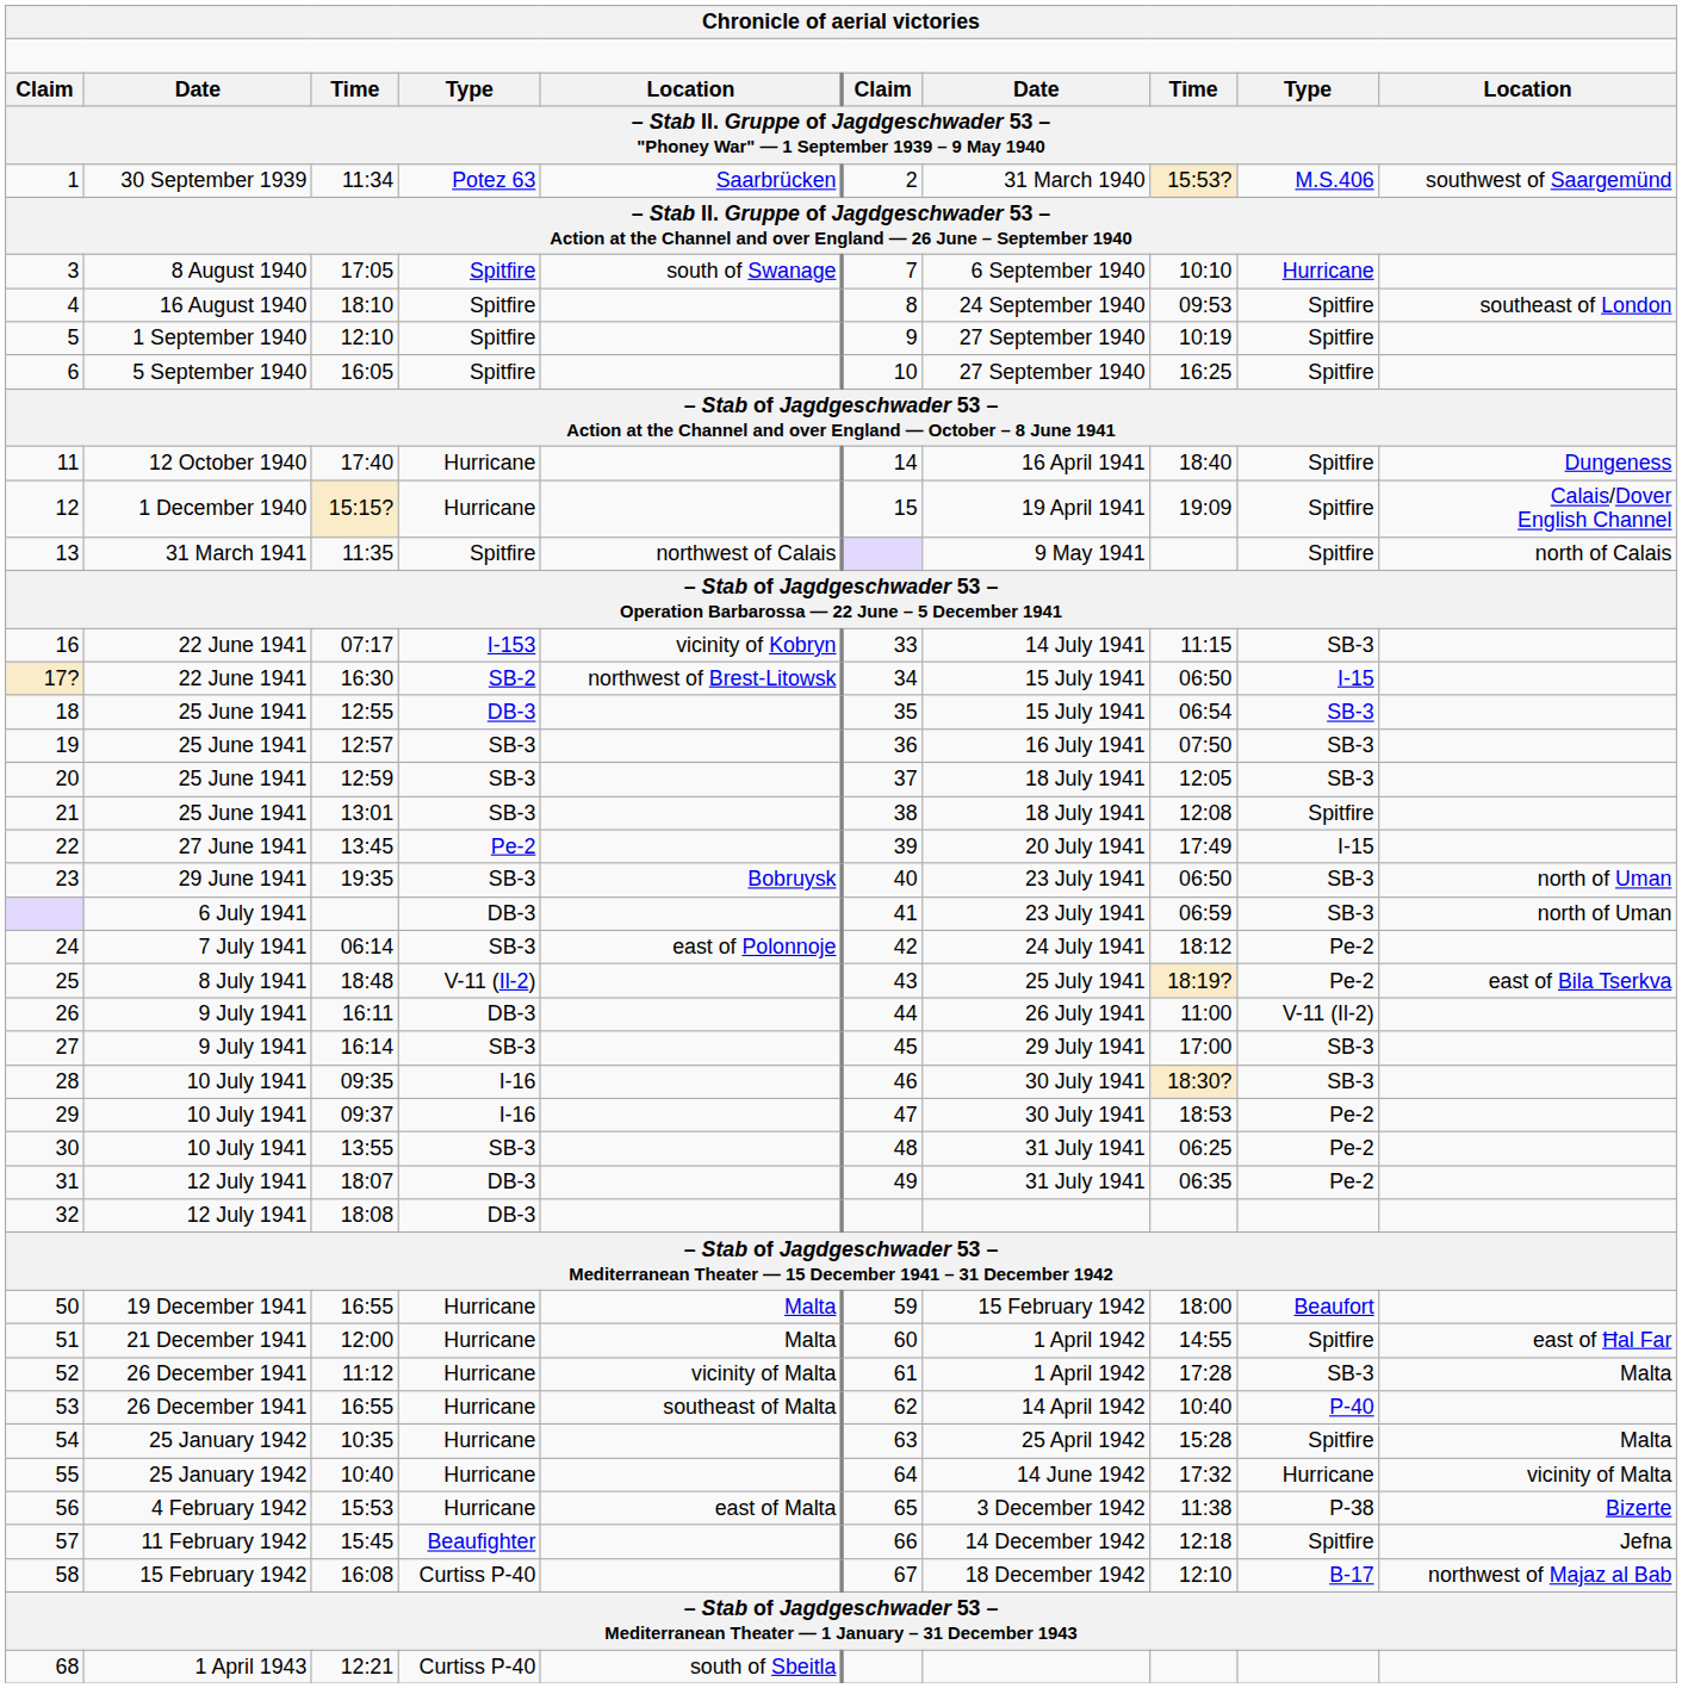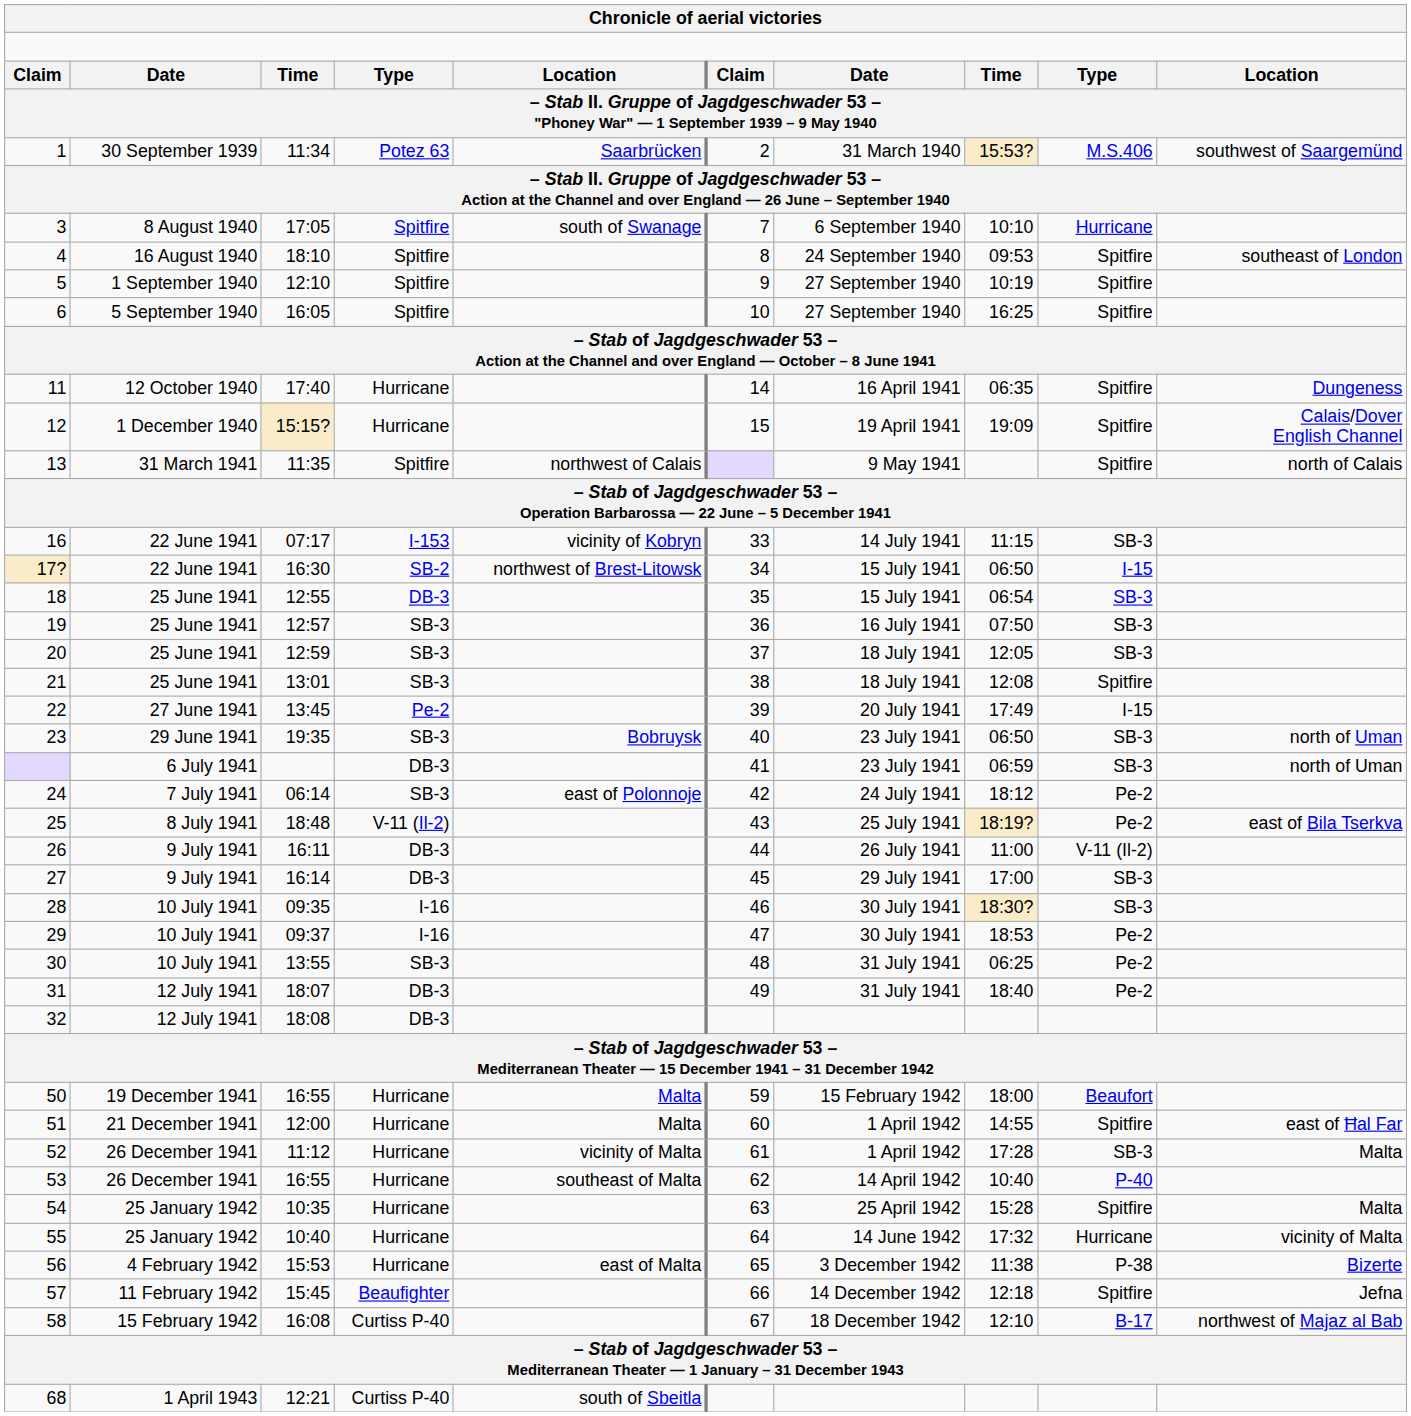 <table class="wikitable plainrowheaders collapsible" style="margin-left: auto; margin-right: auto; border: none; text-align:right; width: 100%;">
 <tr>
 <th colspan="10">Chronicle of aerial victories</th>
 </tr>
 <tr>
 <td colspan="10" style="text-align: left;"><br> </td>
 </tr>
 <tr>
 <th scope="col">Claim</th>
 <th scope="col">Date</th>
 <th scope="col">Time</th>
 <th scope="col" width="100px">Type</th>
 <th scope="col">Location</th>
 <th scope="col" style="border-left: 3px solid grey;">Claim</th>
 <th scope="col">Date</th>
 <th scope="col">Time</th>
 <th scope="col" width="100px">Type</th>
 <th scope="col">Location</th>
 </tr>
 <tr>
 <th colspan="10">– <em>Stab</em> II. <em>Gruppe</em> of <em>Jagdgeschwader</em> 53 –<br><small>"Phoney War" — 1 September 1939 – 9 May 1940</small></th>
 </tr>
 <tr>
 <td>1</td>
 <td>30 September 1939</td>
 <td>11:34</td>
 <td><a href='#'>Potez 63</a></td>
 <td><a href='#'>Saarbrücken</a></td>
 <td style="border-left: 3px solid grey;">2</td>
 <td>31 March 1940</td>
 <td style="background:#faecc8">15:53?</td>
 <td><a href='#'>M.S.406</a></td>
 <td>southwest of <a href='#'>Saargemünd</a></td>
 </tr>
 <tr>
 <th colspan="10">– <em>Stab</em> II. <em>Gruppe</em> of <em>Jagdgeschwader</em> 53 –<br><small>Action at the Channel and over England — 26 June – September 1940</small></th>
 </tr>
 <tr>
 <td>3</td>
 <td>8 August 1940</td>
 <td>17:05</td>
 <td><a href='#'>Spitfire</a></td>
 <td> south of <a href='#'>Swanage</a></td>
 <td style="border-left: 3px solid grey;">7</td>
 <td>6 September 1940</td>
 <td>10:10</td>
 <td><a href='#'>Hurricane</a></td>
 <td></td>
 </tr>
 <tr>
 <td>4</td>
 <td>16 August 1940</td>
 <td>18:10</td>
 <td>Spitfire</td>
 <td></td>
 <td style="border-left: 3px solid grey;">8</td>
 <td>24 September 1940</td>
 <td>09:53</td>
 <td>Spitfire</td>
 <td>southeast of <a href='#'>London</a></td>
 </tr>
 <tr>
 <td>5</td>
 <td>1 September 1940</td>
 <td>12:10</td>
 <td>Spitfire</td>
 <td></td>
 <td style="border-left: 3px solid grey;">9</td>
 <td>27 September 1940</td>
 <td>10:19</td>
 <td>Spitfire</td>
 <td></td>
 </tr>
 <tr>
 <td>6</td>
 <td>5 September 1940</td>
 <td>16:05</td>
 <td>Spitfire</td>
 <td></td>
 <td style="border-left: 3px solid grey;">10</td>
 <td>27 September 1940</td>
 <td>16:25</td>
 <td>Spitfire</td>
 <td></td>
 </tr>
 <tr>
 <th colspan="10">– <em>Stab</em> of <em>Jagdgeschwader</em> 53 –<br><small>Action at the Channel and over England — October – 8 June 1941</small></th>
 </tr>
 <tr>
 <td>11</td>
 <td>12 October 1940</td>
 <td>17:40</td>
 <td>Hurricane</td>
 <td></td>
 <td style="border-left: 3px solid grey;">14</td>
 <td>16 April 1941</td>
-<td>18:40</td>
+<td>06:35</td>
 <td>Spitfire</td>
 <td><a href='#'>Dungeness</a></td>
 </tr>
 <tr>
 <td>12</td>
 <td>1 December 1940</td>
 <td style="background:#faecc8">15:15?</td>
 <td>Hurricane</td>
 <td></td>
 <td style="border-left: 3px solid grey;">15</td>
 <td>19 April 1941</td>
 <td>19:09</td>
 <td>Spitfire</td>
 <td><a href='#'>Calais</a>/<a href='#'>Dover</a><br><a href='#'>English Channel</a></td>
 </tr>
 <tr>
 <td>13</td>
 <td>31 March 1941</td>
 <td>11:35</td>
 <td>Spitfire</td>
 <td>northwest of Calais</td>
 <td style="border-left: 3px solid grey; background:#e3d9ff;"></td>
 <td>9 May 1941</td>
 <td></td>
 <td>Spitfire</td>
 <td>north of Calais</td>
 </tr>
 <tr>
 <th colspan="10">– <em>Stab</em> of <em>Jagdgeschwader</em> 53 –<br><small>Operation Barbarossa — 22 June – 5 December 1941</small></th>
 </tr>
 <tr>
 <td>16</td>
 <td>22 June 1941</td>
 <td>07:17</td>
 <td><a href='#'>I-153</a></td>
 <td>vicinity of <a href='#'>Kobryn</a></td>
 <td style="border-left: 3px solid grey;">33</td>
 <td>14 July 1941</td>
 <td>11:15</td>
 <td>SB-3</td>
 <td></td>
 </tr>
 <tr>
 <td style="background:#faecc8">17?</td>
 <td>22 June 1941</td>
 <td>16:30</td>
 <td><a href='#'>SB-2</a></td>
 <td>northwest of <a href='#'>Brest-Litowsk</a></td>
 <td style="border-left: 3px solid grey;">34</td>
 <td>15 July 1941</td>
 <td>06:50</td>
 <td><a href='#'>I-15</a></td>
 <td></td>
 </tr>
 <tr>
 <td>18</td>
 <td>25 June 1941</td>
 <td>12:55</td>
 <td><a href='#'>DB-3</a></td>
 <td></td>
 <td style="border-left: 3px solid grey;">35</td>
 <td>15 July 1941</td>
 <td>06:54</td>
 <td><a href='#'>SB-3</a></td>
 <td></td>
 </tr>
 <tr>
 <td>19</td>
 <td>25 June 1941</td>
 <td>12:57</td>
 <td>SB-3</td>
 <td></td>
 <td style="border-left: 3px solid grey;">36</td>
 <td>16 July 1941</td>
 <td>07:50</td>
 <td>SB-3</td>
 <td></td>
 </tr>
 <tr>
 <td>20</td>
 <td>25 June 1941</td>
 <td>12:59</td>
 <td>SB-3</td>
 <td></td>
 <td style="border-left: 3px solid grey;">37</td>
 <td>18 July 1941</td>
 <td>12:05</td>
 <td>SB-3</td>
 <td></td>
 </tr>
 <tr>
 <td>21</td>
 <td>25 June 1941</td>
 <td>13:01</td>
 <td>SB-3</td>
 <td></td>
 <td style="border-left: 3px solid grey;">38</td>
 <td>18 July 1941</td>
 <td>12:08</td>
 <td>Spitfire</td>
 <td></td>
 </tr>
 <tr>
 <td>22</td>
 <td>27 June 1941</td>
 <td>13:45</td>
 <td><a href='#'>Pe-2</a></td>
 <td></td>
 <td style="border-left: 3px solid grey;">39</td>
 <td>20 July 1941</td>
 <td>17:49</td>
 <td>I-15</td>
 <td></td>
 </tr>
 <tr>
 <td>23</td>
 <td>29 June 1941</td>
 <td>19:35</td>
 <td>SB-3</td>
 <td><a href='#'>Bobruysk</a></td>
 <td style="border-left: 3px solid grey;">40</td>
 <td>23 July 1941</td>
 <td>06:50</td>
 <td>SB-3</td>
 <td>north of <a href='#'>Uman</a></td>
 </tr>
 <tr>
 <td style="background:#e3d9ff;"></td>
 <td>6 July 1941</td>
 <td></td>
 <td>DB-3</td>
 <td></td>
 <td style="border-left: 3px solid grey;">41</td>
 <td>23 July 1941</td>
 <td>06:59</td>
 <td>SB-3</td>
 <td>north of Uman</td>
 </tr>
 <tr>
 <td>24</td>
 <td>7 July 1941</td>
 <td>06:14</td>
 <td>SB-3</td>
 <td>east of <a href='#'>Polonnoje</a></td>
 <td style="border-left: 3px solid grey;">42</td>
 <td>24 July 1941</td>
 <td>18:12</td>
 <td>Pe-2</td>
 <td></td>
 </tr>
 <tr>
 <td>25</td>
 <td>8 July 1941</td>
 <td>18:48</td>
 <td>V-11 (<a href='#'>Il-2</a>)</td>
 <td></td>
 <td style="border-left: 3px solid grey;">43</td>
 <td>25 July 1941</td>
 <td style="background:#faecc8">18:19?</td>
 <td>Pe-2</td>
 <td>east of <a href='#'>Bila Tserkva</a></td>
 </tr>
 <tr>
 <td>26</td>
 <td>9 July 1941</td>
 <td>16:11</td>
 <td>DB-3</td>
 <td></td>
 <td style="border-left: 3px solid grey;">44</td>
 <td>26 July 1941</td>
 <td>11:00</td>
 <td>V-11 (Il-2)</td>
 <td></td>
 </tr>
 <tr>
 <td>27</td>
 <td>9 July 1941</td>
 <td>16:14</td>
-<td>SB-3</td>
+<td>DB-3</td>
 <td></td>
 <td style="border-left: 3px solid grey;">45</td>
 <td>29 July 1941</td>
 <td>17:00</td>
 <td>SB-3</td>
 <td></td>
 </tr>
 <tr>
 <td>28</td>
 <td>10 July 1941</td>
 <td>09:35</td>
 <td>I-16</td>
 <td></td>
 <td style="border-left: 3px solid grey;">46</td>
 <td>30 July 1941</td>
 <td style="background:#faecc8">18:30?</td>
 <td>SB-3</td>
 <td></td>
 </tr>
 <tr>
 <td>29</td>
 <td>10 July 1941</td>
 <td>09:37</td>
 <td>I-16</td>
 <td></td>
 <td style="border-left: 3px solid grey;">47</td>
 <td>30 July 1941</td>
 <td>18:53</td>
 <td>Pe-2</td>
 <td></td>
 </tr>
 <tr>
 <td>30</td>
 <td>10 July 1941</td>
 <td>13:55</td>
 <td>SB-3</td>
 <td></td>
 <td style="border-left: 3px solid grey;">48</td>
 <td>31 July 1941</td>
 <td>06:25</td>
 <td>Pe-2</td>
 <td></td>
 </tr>
 <tr>
 <td>31</td>
 <td>12 July 1941</td>
 <td>18:07</td>
 <td>DB-3</td>
 <td></td>
 <td style="border-left: 3px solid grey;">49</td>
 <td>31 July 1941</td>
-<td>06:35</td>
+<td>18:40</td>
 <td>Pe-2</td>
 <td></td>
 </tr>
 <tr>
 <td>32</td>
 <td>12 July 1941</td>
 <td>18:08</td>
 <td>DB-3</td>
 <td></td>
 <td style="border-left: 3px solid grey;"></td>
 <td></td>
 <td></td>
 <td></td>
 <td></td>
 </tr>
 <tr>
 <th colspan="10">– <em>Stab</em> of <em>Jagdgeschwader</em> 53 –<br><small>Mediterranean Theater — 15 December 1941 – 31 December 1942</small></th>
 </tr>
 <tr>
 <td>50</td>
 <td>19 December 1941</td>
 <td>16:55</td>
 <td>Hurricane</td>
 <td><a href='#'>Malta</a></td>
 <td style="border-left: 3px solid grey;">59</td>
 <td>15 February 1942</td>
 <td>18:00</td>
 <td><a href='#'>Beaufort</a></td>
 <td></td>
 </tr>
 <tr>
 <td>51</td>
 <td>21 December 1941</td>
 <td>12:00</td>
 <td>Hurricane</td>
 <td>Malta</td>
 <td style="border-left: 3px solid grey;">60</td>
 <td>1 April 1942</td>
 <td>14:55</td>
 <td>Spitfire</td>
 <td>east of <a href='#'>Ħal Far</a></td>
 </tr>
 <tr>
 <td>52</td>
 <td>26 December 1941</td>
 <td>11:12</td>
 <td>Hurricane</td>
 <td>vicinity of Malta</td>
 <td style="border-left: 3px solid grey;">61</td>
 <td>1 April 1942</td>
 <td>17:28</td>
 <td>SB-3</td>
 <td>Malta</td>
 </tr>
 <tr>
 <td>53</td>
 <td>26 December 1941</td>
 <td>16:55</td>
 <td>Hurricane</td>
 <td>southeast of Malta</td>
 <td style="border-left: 3px solid grey;">62</td>
 <td>14 April 1942</td>
 <td>10:40</td>
 <td><a href='#'>P-40</a></td>
 <td></td>
 </tr>
 <tr>
 <td>54</td>
 <td>25 January 1942</td>
 <td>10:35</td>
 <td>Hurricane</td>
 <td></td>
 <td style="border-left: 3px solid grey;">63</td>
 <td>25 April 1942</td>
 <td>15:28</td>
 <td>Spitfire</td>
 <td>Malta</td>
 </tr>
 <tr>
 <td>55</td>
 <td>25 January 1942</td>
 <td>10:40</td>
 <td>Hurricane</td>
 <td></td>
 <td style="border-left: 3px solid grey;">64</td>
 <td>14 June 1942</td>
 <td>17:32</td>
 <td>Hurricane</td>
 <td>vicinity of Malta</td>
 </tr>
 <tr>
 <td>56</td>
 <td>4 February 1942</td>
 <td>15:53</td>
 <td>Hurricane</td>
 <td>east of Malta</td>
 <td style="border-left: 3px solid grey;">65</td>
 <td>3 December 1942</td>
 <td>11:38</td>
 <td>P-38</td>
 <td><a href='#'>Bizerte</a></td>
 </tr>
 <tr>
 <td>57</td>
 <td>11 February 1942</td>
 <td>15:45</td>
 <td><a href='#'>Beaufighter</a></td>
 <td></td>
 <td style="border-left: 3px solid grey;">66</td>
 <td>14 December 1942</td>
 <td>12:18</td>
 <td>Spitfire</td>
 <td>Jefna</td>
 </tr>
 <tr>
 <td>58</td>
 <td>15 February 1942</td>
 <td>16:08</td>
 <td>Curtiss P-40</td>
 <td></td>
 <td style="border-left: 3px solid grey;">67</td>
 <td>18 December 1942</td>
 <td>12:10</td>
 <td><a href='#'>B-17</a></td>
 <td>northwest of <a href='#'>Majaz al Bab</a></td>
 </tr>
 <tr>
 <th colspan="10">– <em>Stab</em> of <em>Jagdgeschwader</em> 53 –<br><small>Mediterranean Theater — 1 January – 31 December 1943</small></th>
 </tr>
 <tr>
 <td>68</td>
 <td>1 April 1943</td>
 <td>12:21</td>
 <td>Curtiss P-40</td>
 <td> south of <a href='#'>Sbeitla</a></td>
 <td style="border-left: 3px solid grey;"></td>
 <td></td>
 <td></td>
 <td></td>
 <td></td>
 </tr>
 </table>
